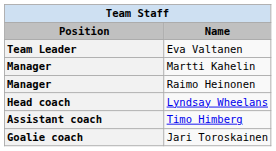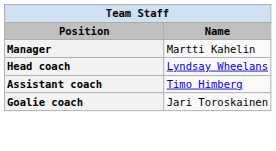 <table class="wikitable" style="text-align:left; font-size:90%;">
 <tr>
 <th style=background:#CEE0F2 colspan=2>Team Staff</th>
 </tr>
 <tr>
 <th width=60% style="background:silver;">Position</th>
 <th style="background:silver;">Name</th>
 </tr>
 <tr>
-<th style="text-align:left;">Team Leader</th>
-<td>Eva Valtanen</td>
-</tr>
-<tr>
 <th style="text-align:left;">Manager</th>
 <td>Martti Kahelin</td>
-</tr>
-<tr>
-<th style="text-align:left;">Manager</th>
-<td>Raimo Heinonen</td>
 </tr>
 <tr>
 <th style="text-align:left;">Head coach</th>
 <td><a href='#'>Lyndsay Wheelans</a></td>
 </tr>
 <tr>
 <th style="text-align:left;">Assistant coach</th>
 <td><a href='#'>Timo Himberg</a>⁣⁣</td>
 </tr>
 <tr>
 <th style="text-align:left;">Goalie coach</th>
 <td>Jari Toroskainen</td>
 </tr>
 </table>
